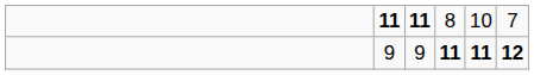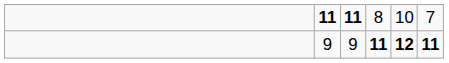 <table class="wikitable">
 <tr>
 <td style="width:18em"></td>
 <td align=center style="width:1em"><strong>11</strong></td>
 <td align=center style="width:1em"><strong>11</strong></td>
 <td align=center style="width:1em">8</td>
 <td align=center style="width:1em">10</td>
 <td align=center style="width:1em">7</td>
 </tr>
 <tr>
 <td style="width:18em"><strong></strong></td>
 <td align=center style="width:1em">9</td>
 <td align=center style="width:1em">9</td>
 <td align=center style="width:1em"><strong>11</strong></td>
+<td align=center style="width:1em"><strong>12</strong></td>
 <td align=center style="width:1em"><strong>11</strong></td>
-<td align=center style="width:1em"><strong>12</strong></td>
 </tr>
 </table>
